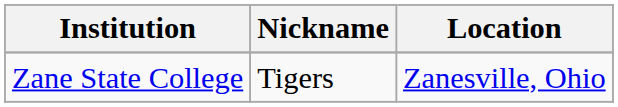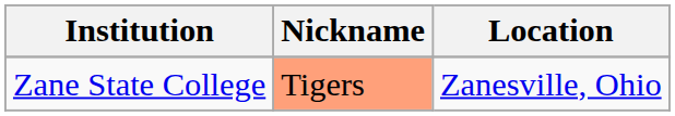 <table class="wikitable">
 <tr>
 <th>Institution</th>
 <th>Nickname</th>
 <th>Location</th>
 </tr>
 <tr>
 </tr>
 <tr>
 <td><a href='#'>Zane State College</a></td>
-<td>Tigers</td>
+<td style="background: lightsalmon;">Tigers</td>
 <td><a href='#'>Zanesville, Ohio</a></td>
 </tr>
 </table>
